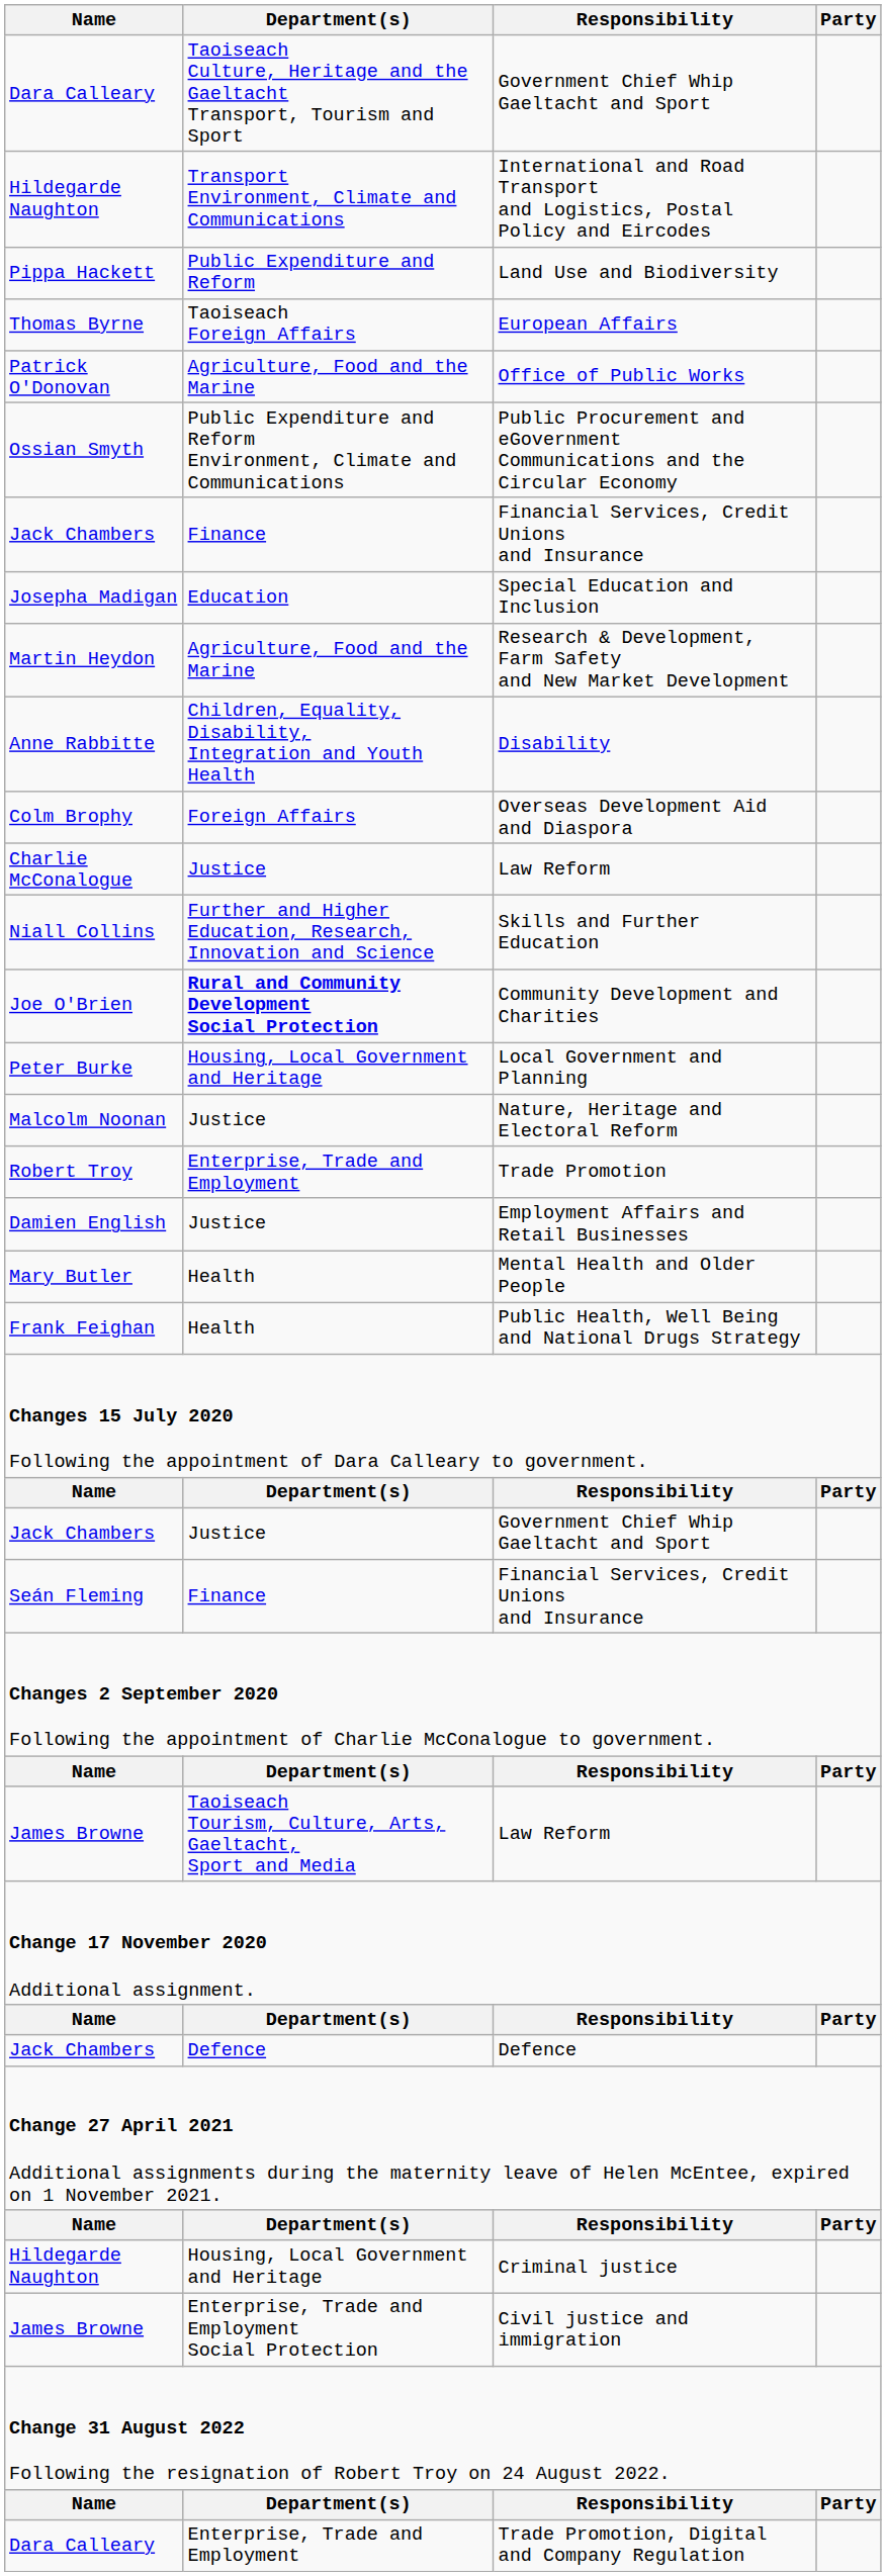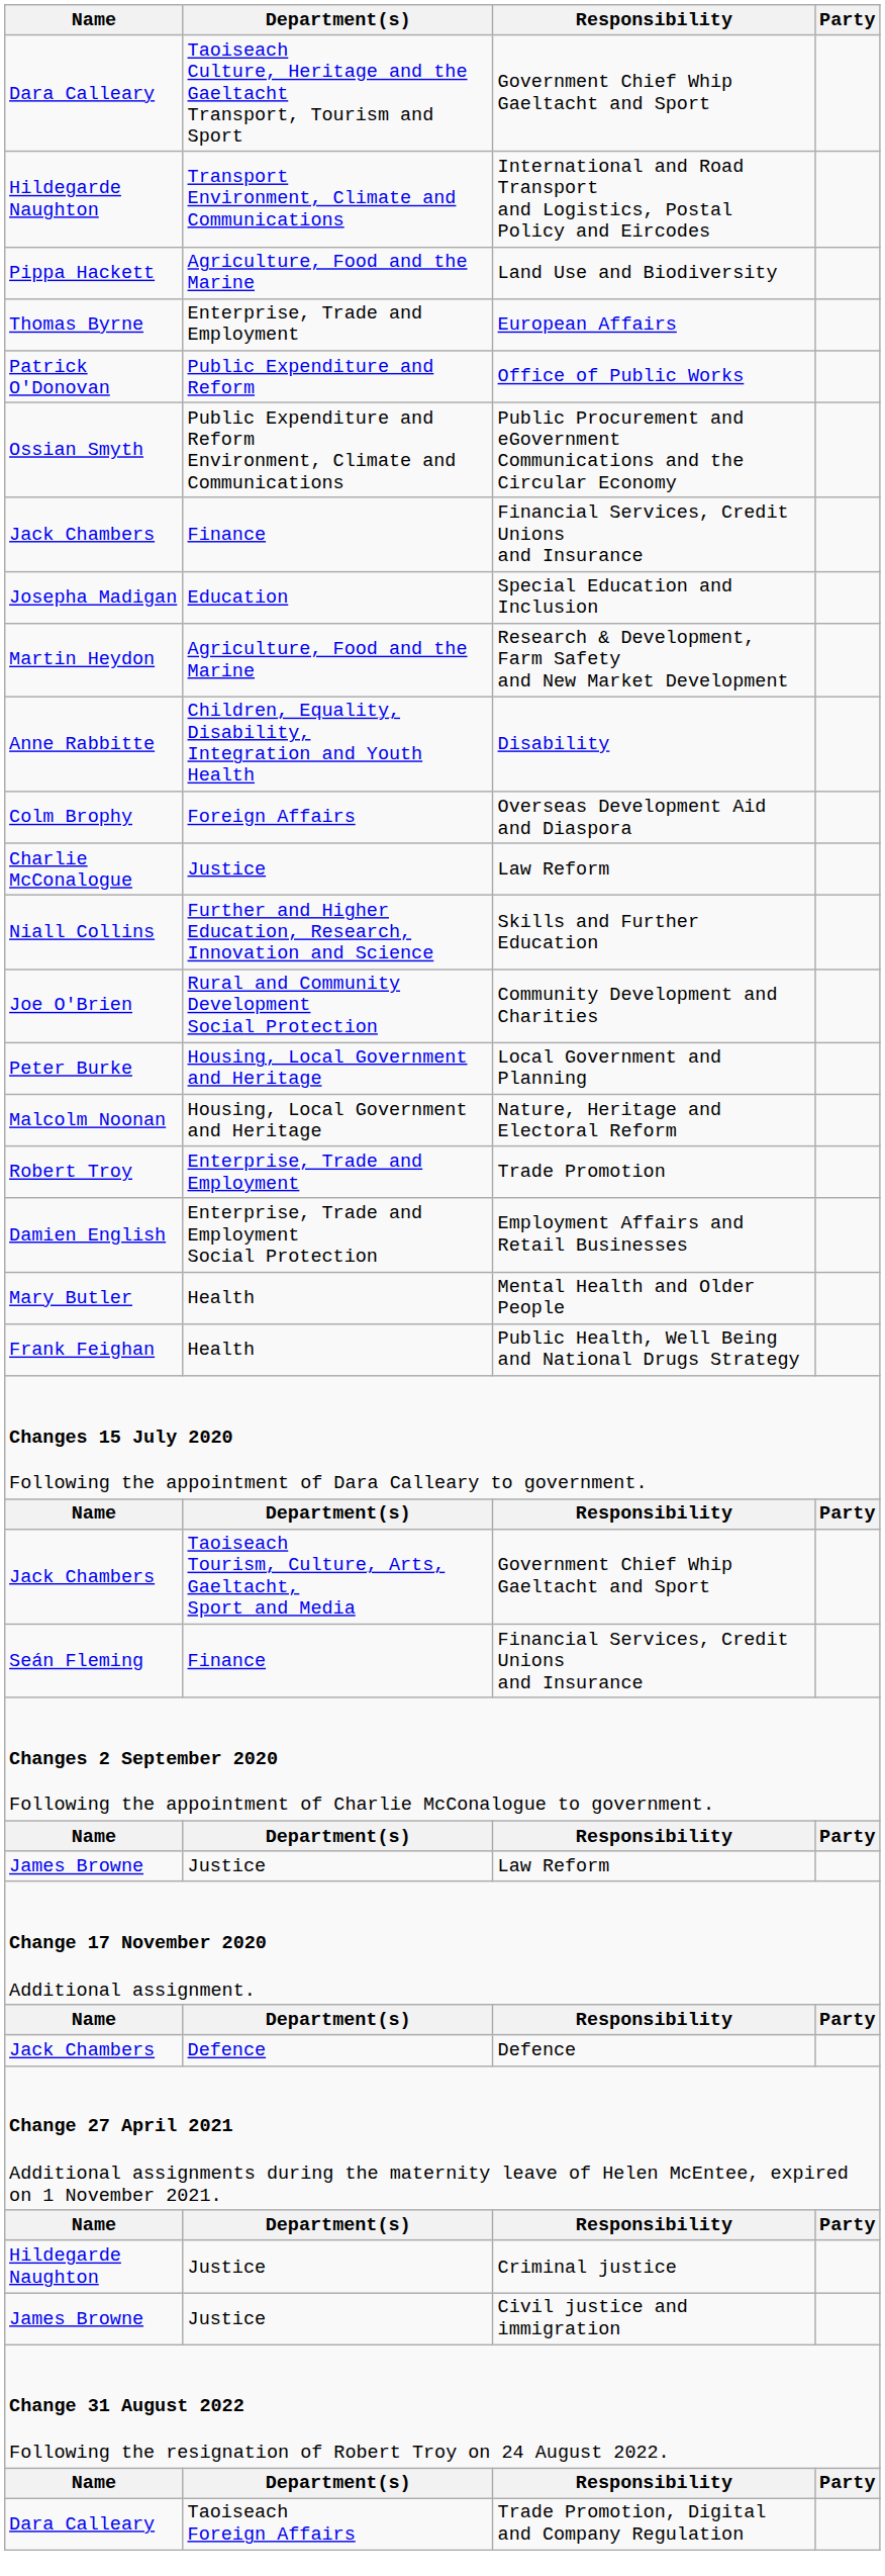 <table class="wikitable">
 <tr>
 <th>Name</th>
 <th>Department(s)</th>
 <th>Responsibility</th>
 <th colspan="2">Party</th>
 </tr>
 <tr>
 <td><a href='#'>Dara Calleary</a><br></td>
 <td><a href='#'>Taoiseach</a><br><a href='#'>Culture, Heritage and the Gaeltacht</a><br>Transport, Tourism and Sport</td>
 <td>Government Chief Whip<br>Gaeltacht and Sport</td>
 <td></td>
 </tr>
 <tr>
 <td><a href='#'>Hildegarde Naughton</a><br></td>
 <td><a href='#'>Transport</a><br><a href='#'>Environment, Climate and Communications</a></td>
 <td>International and Road Transport<br>and Logistics, Postal Policy and Eircodes</td>
 <td></td>
 </tr>
 <tr>
 <td><a href='#'>Pippa Hackett</a><br></td>
-<td><a href='#'>Public Expenditure and Reform</a></td>
+<td><a href='#'>Agriculture, Food and the Marine</a></td>
 <td>Land Use and Biodiversity</td>
 <td></td>
 </tr>
 <tr>
 <td><a href='#'>Thomas Byrne</a></td>
-<td>Taoiseach<br><a href='#'>Foreign Affairs</a></td>
+<td>Enterprise, Trade and Employment</td>
 <td><a href='#'>European Affairs</a></td>
 <td></td>
 </tr>
 <tr>
 <td><a href='#'>Patrick O'Donovan</a></td>
-<td><a href='#'>Agriculture, Food and the Marine</a></td>
+<td><a href='#'>Public Expenditure and Reform</a></td>
 <td><a href='#'>Office of Public Works</a></td>
 <td></td>
 </tr>
 <tr>
 <td><a href='#'>Ossian Smyth</a></td>
 <td>Public Expenditure and Reform<br>Environment, Climate and Communications</td>
 <td>Public Procurement and eGovernment<br>Communications and the Circular Economy</td>
 <td></td>
 </tr>
 <tr>
 <td><a href='#'>Jack Chambers</a></td>
 <td><a href='#'>Finance</a></td>
 <td>Financial Services, Credit Unions<br>and Insurance</td>
 <td></td>
 </tr>
 <tr>
 <td><a href='#'>Josepha Madigan</a></td>
 <td><a href='#'>Education</a></td>
 <td>Special Education and Inclusion</td>
 <td></td>
 </tr>
 <tr>
 <td><a href='#'>Martin Heydon</a></td>
 <td><a href='#'>Agriculture, Food and the Marine</a></td>
 <td>Research & Development, Farm Safety<br>and New Market Development</td>
 <td></td>
 </tr>
 <tr>
 <td><a href='#'>Anne Rabbitte</a></td>
 <td><a href='#'>Children, Equality, Disability,<br>Integration and Youth</a><br><a href='#'>Health</a></td>
 <td><a href='#'>Disability</a></td>
 <td></td>
 </tr>
 <tr>
 <td><a href='#'>Colm Brophy</a></td>
 <td><a href='#'>Foreign Affairs</a></td>
 <td>Overseas Development Aid and Diaspora</td>
 <td></td>
 </tr>
 <tr>
 <td><a href='#'>Charlie McConalogue</a></td>
 <td><a href='#'>Justice</a></td>
 <td>Law Reform</td>
 <td></td>
 </tr>
 <tr>
 <td><a href='#'>Niall Collins</a></td>
 <td><a href='#'>Further and Higher Education, Research,<br>Innovation and Science</a></td>
 <td>Skills and Further Education</td>
 <td></td>
 </tr>
 <tr>
 <td><a href='#'>Joe O'Brien</a></td>
-<td><strong><a href='#'>Rural and Community Development</a><br><a href='#'>Social Protection</a></strong></td>
+<td><a href='#'>Rural and Community Development</a><br><a href='#'>Social Protection</a></td>
 <td>Community Development and Charities</td>
 <td></td>
 </tr>
 <tr>
 <td><a href='#'>Peter Burke</a></td>
 <td><a href='#'>Housing, Local Government and Heritage</a></td>
 <td>Local Government and Planning</td>
 <td></td>
 </tr>
 <tr>
 <td><a href='#'>Malcolm Noonan</a></td>
-<td>Justice</td>
+<td>Housing, Local Government and Heritage</td>
 <td>Nature, Heritage and Electoral Reform</td>
 <td></td>
 </tr>
 <tr>
 <td><a href='#'>Robert Troy</a></td>
 <td><a href='#'>Enterprise, Trade and Employment</a></td>
 <td>Trade Promotion</td>
 <td></td>
 </tr>
 <tr>
 <td><a href='#'>Damien English</a></td>
-<td>Justice</td>
+<td>Enterprise, Trade and Employment<br>Social Protection</td>
 <td>Employment Affairs and Retail Businesses</td>
 <td></td>
 </tr>
 <tr>
 <td><a href='#'>Mary Butler</a></td>
 <td>Health</td>
 <td>Mental Health and Older People</td>
 <td></td>
 </tr>
 <tr>
 <td><a href='#'>Frank Feighan</a></td>
 <td>Health</td>
 <td>Public Health, Well Being<br>and National Drugs Strategy</td>
 <td></td>
 </tr>
 <tr>
 <td colspan="5"><br><h4>Changes 15 July 2020</h4>Following the appointment of Dara Calleary to government.</td>
 </tr>
 <tr>
 <th>Name</th>
 <th>Department(s)</th>
 <th>Responsibility</th>
 <th colspan="2">Party</th>
 </tr>
 <tr>
 <td><a href='#'>Jack Chambers</a><br></td>
-<td>Justice</td>
+<td><a href='#'>Taoiseach</a><br><a href='#'>Tourism, Culture, Arts, Gaeltacht,<br>Sport and Media</a></td>
 <td>Government Chief Whip<br>Gaeltacht and Sport</td>
 <td></td>
 </tr>
 <tr>
 <td><a href='#'>Seán Fleming</a></td>
 <td><a href='#'>Finance</a></td>
 <td>Financial Services, Credit Unions<br>and Insurance</td>
 <td></td>
 </tr>
 <tr>
 <td colspan="5"><br><h4>Changes 2 September 2020</h4>Following the appointment of Charlie McConalogue to government.</td>
 </tr>
 <tr>
 <th>Name</th>
 <th>Department(s)</th>
 <th>Responsibility</th>
 <th colspan="2">Party</th>
 </tr>
 <tr>
 <td><a href='#'>James Browne</a></td>
-<td><a href='#'>Taoiseach</a><br><a href='#'>Tourism, Culture, Arts, Gaeltacht,<br>Sport and Media</a></td>
+<td>Justice</td>
 <td>Law Reform</td>
 <td></td>
 </tr>
 <tr>
 <td colspan="5"><br><h4>Change 17 November 2020</h4>Additional assignment.</td>
 </tr>
 <tr>
 <th>Name</th>
 <th>Department(s)</th>
 <th>Responsibility</th>
 <th colspan="2">Party</th>
 </tr>
 <tr>
 <td><a href='#'>Jack Chambers</a><br></td>
 <td><a href='#'>Defence</a></td>
 <td>Defence</td>
 <td></td>
 </tr>
 <tr>
 <td colspan="5"><br><h4>Change 27 April 2021</h4>Additional assignments during the maternity leave of Helen McEntee, expired on 1 November 2021.</td>
 </tr>
 <tr>
 <th>Name</th>
 <th>Department(s)</th>
 <th>Responsibility</th>
 <th colspan="2">Party</th>
 </tr>
 <tr>
 <td><a href='#'>Hildegarde Naughton</a><br></td>
-<td>Housing, Local Government and Heritage</td>
+<td>Justice</td>
 <td>Criminal justice</td>
 <td></td>
 </tr>
 <tr>
 <td><a href='#'>James Browne</a></td>
-<td>Enterprise, Trade and Employment<br>Social Protection</td>
+<td>Justice</td>
 <td>Civil justice and immigration</td>
 <td></td>
 </tr>
 <tr>
 <td colspan="5"><br><h4>Change 31 August 2022</h4>Following the resignation of Robert Troy on 24 August 2022.</td>
 </tr>
 <tr>
 <th>Name</th>
 <th>Department(s)</th>
 <th>Responsibility</th>
 <th colspan="2">Party</th>
 </tr>
 <tr>
 <td><a href='#'>Dara Calleary</a></td>
-<td>Enterprise, Trade and Employment</td>
+<td>Taoiseach<br><a href='#'>Foreign Affairs</a></td>
 <td>Trade Promotion, Digital<br>and Company Regulation</td>
 <td></td>
 </tr>
 </table>
